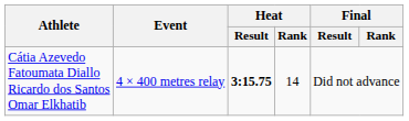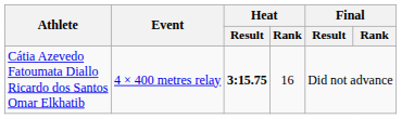 <table class="wikitable" style="font-size:90%">
 <tr>
 <th rowspan="2">Athlete</th>
 <th rowspan="2">Event</th>
 <th colspan="2">Heat</th>
 <th colspan="2">Final</th>
 </tr>
 <tr style="font-size:95%">
 <th>Result</th>
 <th>Rank</th>
 <th>Result</th>
 <th>Rank</th>
 </tr>
 <tr align=center>
 <td align=left><a href='#'>Cátia Azevedo</a><br><a href='#'>Fatoumata Diallo</a><br><a href='#'>Ricardo dos Santos</a><br><a href='#'>Omar Elkhatib</a></td>
 <td align=left><a href='#'>4 × 400 metres relay</a></td>
 <td><strong>3:15.75</strong></td>
-<td>14</td>
+<td>16</td>
 <td colspan=2>Did not advance</td>
 </tr>
 </table>
